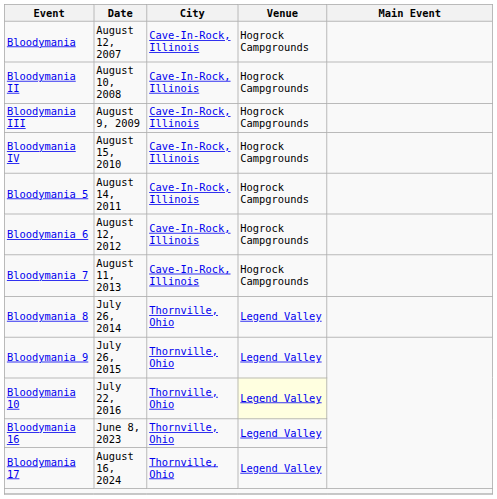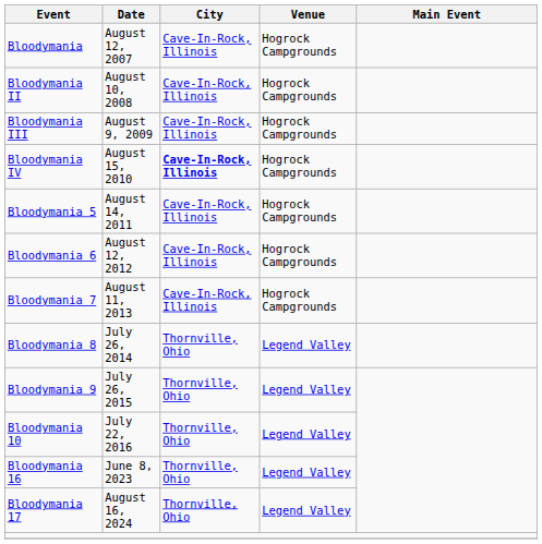 <table class="wikitable" align="center">
 <tr>
 <th width="9%">Event</th>
 <th width="6%">Date</th>
 <th width="10%">City</th>
 <th width="9%">Venue</th>
 <th width="25%">Main Event</th>
 </tr>
 <tr>
 <td><a href='#'>Bloodymania</a></td>
 <td>August 12, 2007</td>
 <td><a href='#'>Cave-In-Rock, Illinois</a></td>
 <td>Hogrock Campgrounds</td>
 <td></td>
 </tr>
 <tr>
 <td><a href='#'>Bloodymania II</a></td>
 <td>August 10, 2008</td>
 <td><a href='#'>Cave-In-Rock, Illinois</a></td>
 <td>Hogrock Campgrounds</td>
 <td></td>
 </tr>
 <tr>
 <td><a href='#'>Bloodymania III</a></td>
 <td>August 9, 2009</td>
 <td><a href='#'>Cave-In-Rock, Illinois</a></td>
 <td>Hogrock Campgrounds</td>
 <td></td>
 </tr>
 <tr>
 <td><a href='#'>Bloodymania IV</a></td>
 <td>August 15, 2010</td>
-<td><a href='#'>Cave-In-Rock, Illinois</a></td>
+<td><strong><a href='#'>Cave-In-Rock, Illinois</a></strong></td>
 <td>Hogrock Campgrounds</td>
 <td></td>
 </tr>
 <tr>
 <td><a href='#'>Bloodymania 5</a></td>
 <td>August 14, 2011</td>
 <td><a href='#'>Cave-In-Rock, Illinois</a></td>
 <td>Hogrock Campgrounds</td>
 <td></td>
 </tr>
 <tr>
 <td><a href='#'>Bloodymania 6</a></td>
 <td>August 12, 2012</td>
 <td><a href='#'>Cave-In-Rock, Illinois</a></td>
 <td>Hogrock Campgrounds</td>
 <td></td>
 </tr>
 <tr>
 <td><a href='#'>Bloodymania 7</a></td>
 <td>August 11, 2013</td>
 <td><a href='#'>Cave-In-Rock, Illinois</a></td>
 <td>Hogrock Campgrounds</td>
 <td></td>
 </tr>
 <tr>
 <td><a href='#'>Bloodymania 8</a></td>
 <td>July 26, 2014</td>
 <td><a href='#'>Thornville, Ohio</a></td>
 <td><a href='#'>Legend Valley</a></td>
 <td></td>
 </tr>
 <tr>
 <td><a href='#'>Bloodymania 9</a></td>
 <td>July 26, 2015</td>
 <td><a href='#'>Thornville, Ohio</a></td>
 <td><a href='#'>Legend Valley</a></td>
 </tr>
 <tr>
 <td><a href='#'>Bloodymania 10</a></td>
 <td>July 22, 2016</td>
 <td><a href='#'>Thornville, Ohio</a></td>
-<td style="background: lightyellow;"><a href='#'>Legend Valley</a></td>
+<td><a href='#'>Legend Valley</a></td>
 </tr>
 <tr>
 <td><a href='#'>Bloodymania 16</a></td>
 <td>June 8, 2023</td>
 <td><a href='#'>Thornville, Ohio</a></td>
 <td><a href='#'>Legend Valley</a></td>
 </tr>
 <tr>
 <td><a href='#'>Bloodymania 17</a></td>
 <td>August 16, 2024</td>
 <td><a href='#'>Thornville, Ohio</a></td>
 <td><a href='#'>Legend Valley</a></td>
 </tr>
 <tr>
 <td colspan="5"></td>
 </tr>
 <tr>
 </tr>
 </table>
